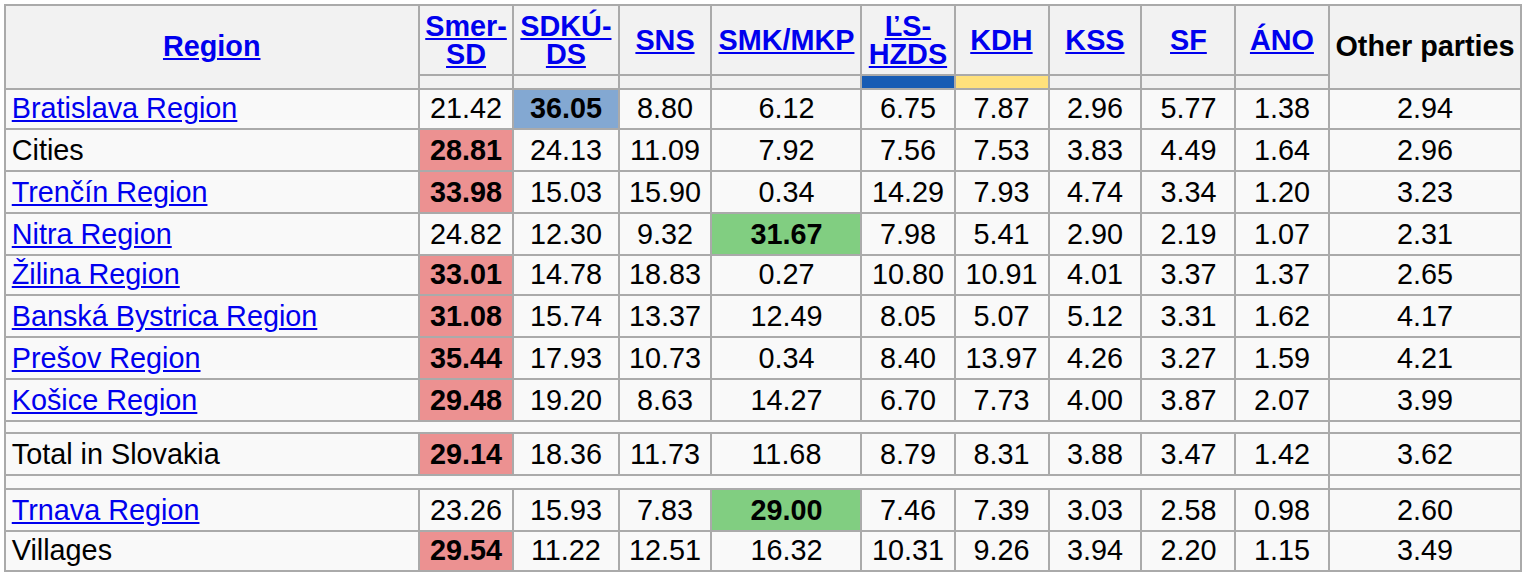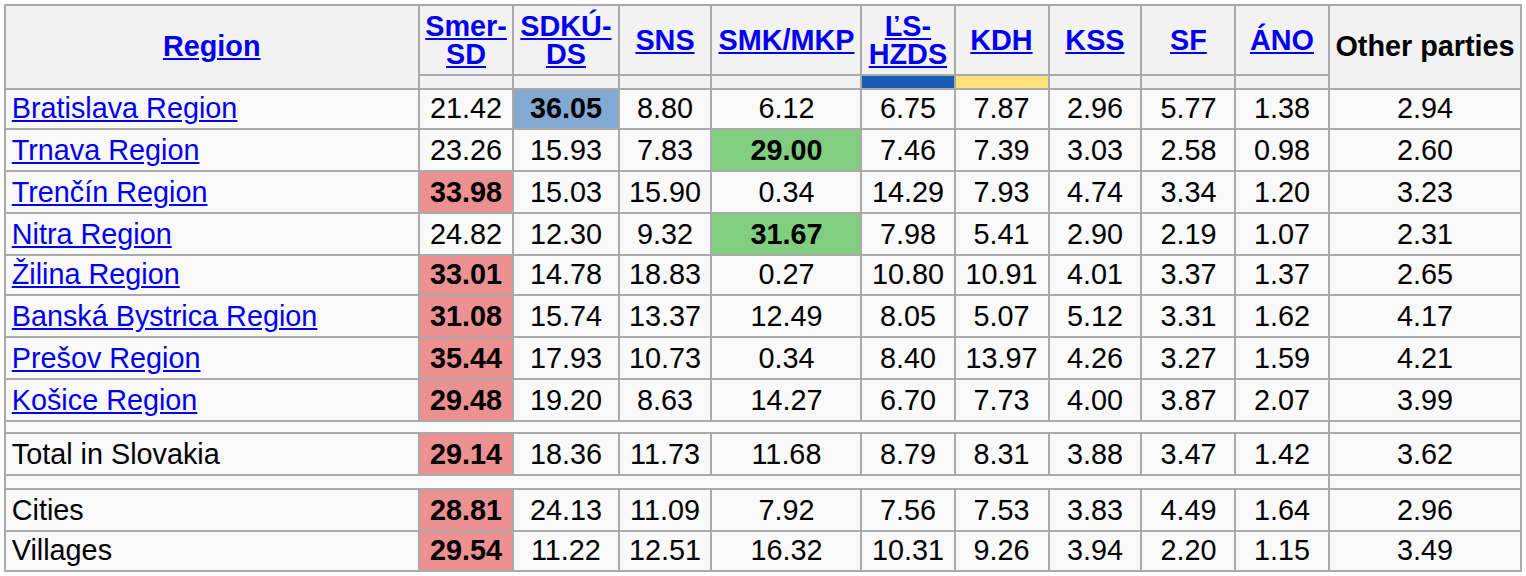 <table class="wikitable sortable nowrap" style="text-align:center; font-size:90%; line-height:14px">
 <tr>
 <th style="width:200px;" rowspan="2"><a href='#'>Region</a></th>
 <th style="width:40px;"><a href='#'>Smer-SD</a></th>
 <th style="width:40px;"><a href='#'>SDKÚ-DS</a></th>
 <th style="width:40px;"><a href='#'>SNS</a></th>
 <th style="width:40px;"><a href='#'>SMK/MKP</a></th>
 <th style="width:40px;"><a href='#'>ĽS-HZDS</a></th>
 <th style="width:40px;"><a href='#'>KDH</a></th>
 <th style="width:40px;"><a href='#'>KSS</a></th>
 <th style="width:40px;"><a href='#'>SF</a></th>
 <th style="width:40px;"><a href='#'>ÁNO</a></th>
 <th class="unsortable" style="width:40px;" rowspan="2">Other parties</th>
 </tr>
 <tr>
 <th style="background:"></th>
 <th style="background:"></th>
 <th style="background:"></th>
 <th style="background:"></th>
 <th style="background:#185CB4"></th>
 <th style="background:#FFE17C"></th>
 <th style="background:"></th>
 <th style="background:"></th>
 <th style="background:"></th>
 </tr>
 <tr>
 <td align="left"><a href='#'>Bratislava Region</a></td>
 <td>21.42</td>
 <td style="background:#83a8d2;"><strong>36.05</strong></td>
 <td>8.80</td>
 <td>6.12</td>
 <td>6.75</td>
 <td>7.87</td>
 <td>2.96</td>
 <td>5.77</td>
 <td>1.38</td>
 <td>2.94</td>
 </tr>
 <tr>
-<td align="left">Cities</td>
-<td style="background:#ec9191;"><strong>28.81</strong></td>
-<td>24.13</td>
-<td>11.09</td>
-<td>7.92</td>
-<td>7.56</td>
-<td>7.53</td>
-<td>3.83</td>
-<td>4.49</td>
-<td>1.64</td>
-<td>2.96</td>
+<td align="left"><a href='#'>Trnava Region</a></td>
+<td>23.26</td>
+<td>15.93</td>
+<td>7.83</td>
+<td style="background:#81ce81;"><strong>29.00</strong></td>
+<td>7.46</td>
+<td>7.39</td>
+<td>3.03</td>
+<td>2.58</td>
+<td>0.98</td>
+<td>2.60</td>
 </tr>
 <tr>
 <td align="left"><a href='#'>Trenčín Region</a></td>
 <td style="background:#ec9191;"><strong>33.98</strong></td>
 <td>15.03</td>
 <td>15.90</td>
 <td>0.34</td>
 <td>14.29</td>
 <td>7.93</td>
 <td>4.74</td>
 <td>3.34</td>
 <td>1.20</td>
 <td>3.23</td>
 </tr>
 <tr>
 <td align="left"><a href='#'>Nitra Region</a></td>
 <td>24.82</td>
 <td>12.30</td>
 <td>9.32</td>
 <td style="background:#81ce81;"><strong>31.67</strong></td>
 <td>7.98</td>
 <td>5.41</td>
 <td>2.90</td>
 <td>2.19</td>
 <td>1.07</td>
 <td>2.31</td>
 </tr>
 <tr>
 <td align="left"><a href='#'>Žilina Region</a></td>
 <td style="background:#ec9191"><strong>33.01</strong></td>
 <td>14.78</td>
 <td>18.83</td>
 <td>0.27</td>
 <td>10.80</td>
 <td>10.91</td>
 <td>4.01</td>
 <td>3.37</td>
 <td>1.37</td>
 <td>2.65</td>
 </tr>
 <tr>
 <td align="left"><a href='#'>Banská Bystrica Region</a></td>
 <td style="background:#ec9191;"><strong>31.08</strong></td>
 <td>15.74</td>
 <td>13.37</td>
 <td>12.49</td>
 <td>8.05</td>
 <td>5.07</td>
 <td>5.12</td>
 <td>3.31</td>
 <td>1.62</td>
 <td>4.17</td>
 </tr>
 <tr>
 <td align="left"><a href='#'>Prešov Region</a></td>
 <td style="background:#ec9191;"><strong>35.44</strong></td>
 <td>17.93</td>
 <td>10.73</td>
 <td>0.34</td>
 <td>8.40</td>
 <td>13.97</td>
 <td>4.26</td>
 <td>3.27</td>
 <td>1.59</td>
 <td>4.21</td>
 </tr>
 <tr>
 <td align="left"><a href='#'>Košice Region</a></td>
 <td style="background:#ec9191;"><strong>29.48</strong></td>
 <td>19.20</td>
 <td>8.63</td>
 <td>14.27</td>
 <td>6.70</td>
 <td>7.73</td>
 <td>4.00</td>
 <td>3.87</td>
 <td>2.07</td>
 <td>3.99</td>
 </tr>
 <tr>
 <td colspan=10></td>
 </tr>
 <tr>
 <td align="left">Total in Slovakia</td>
 <td style="background:#ec9191;"><strong>29.14</strong></td>
 <td>18.36</td>
 <td>11.73</td>
 <td>11.68</td>
 <td>8.79</td>
 <td>8.31</td>
 <td>3.88</td>
 <td>3.47</td>
 <td>1.42</td>
 <td>3.62</td>
 </tr>
 <tr>
 <td colspan=10></td>
 </tr>
 <tr>
-<td align="left"><a href='#'>Trnava Region</a></td>
-<td>23.26</td>
-<td>15.93</td>
-<td>7.83</td>
-<td style="background:#81ce81;"><strong>29.00</strong></td>
-<td>7.46</td>
-<td>7.39</td>
-<td>3.03</td>
-<td>2.58</td>
-<td>0.98</td>
-<td>2.60</td>
+<td align="left">Cities</td>
+<td style="background:#ec9191;"><strong>28.81</strong></td>
+<td>24.13</td>
+<td>11.09</td>
+<td>7.92</td>
+<td>7.56</td>
+<td>7.53</td>
+<td>3.83</td>
+<td>4.49</td>
+<td>1.64</td>
+<td>2.96</td>
 </tr>
 <tr>
 <td align="left">Villages</td>
 <td style="background:#ec9191;"><strong>29.54</strong></td>
 <td>11.22</td>
 <td>12.51</td>
 <td>16.32</td>
 <td>10.31</td>
 <td>9.26</td>
 <td>3.94</td>
 <td>2.20</td>
 <td>1.15</td>
 <td>3.49</td>
 </tr>
 </table>
